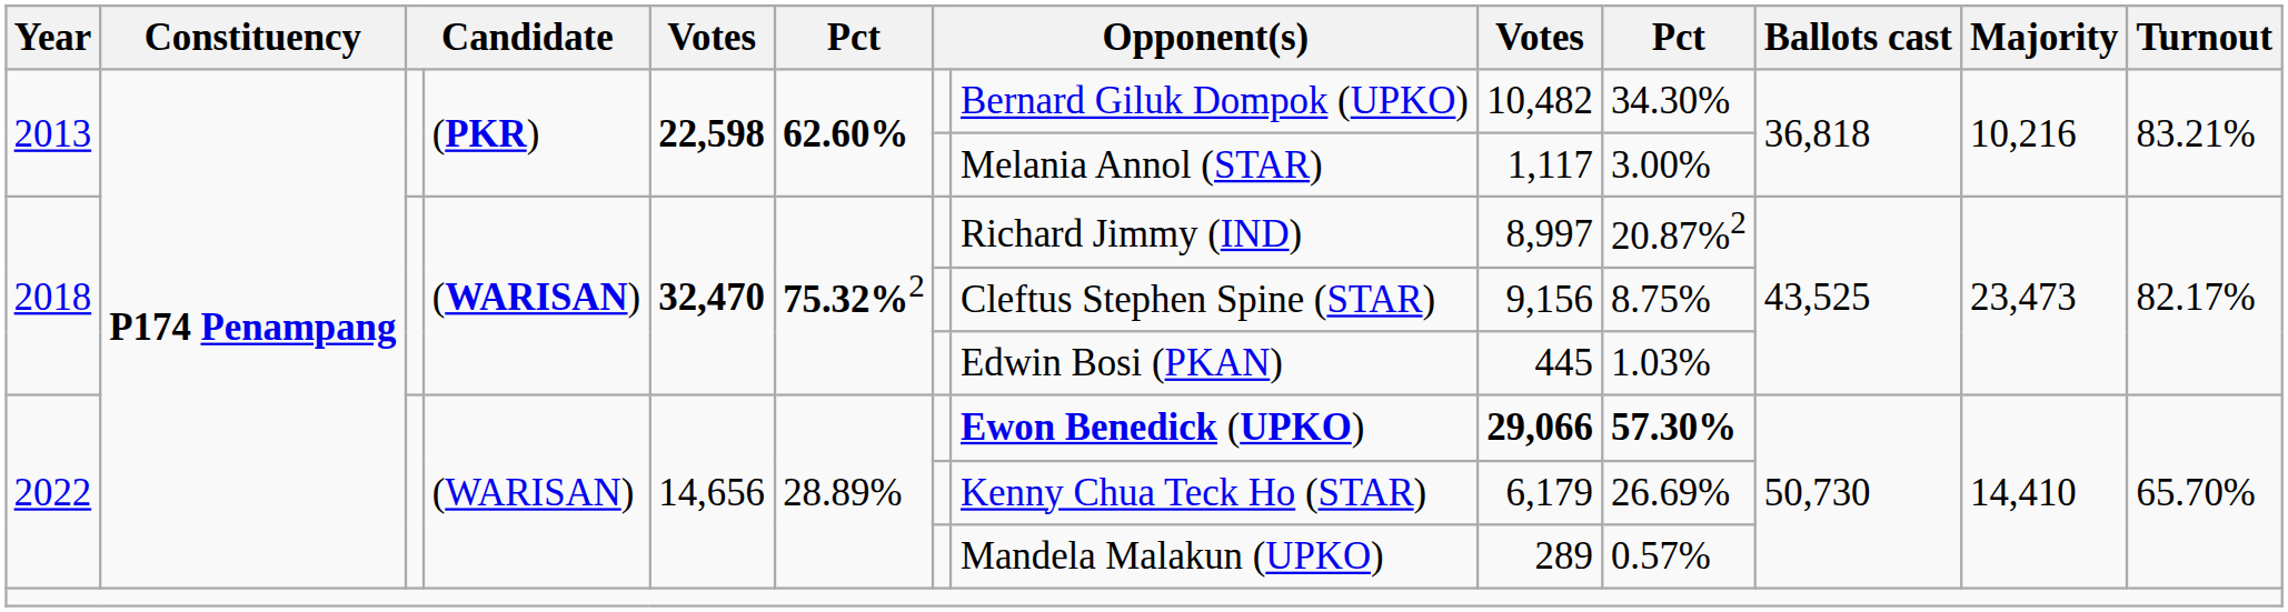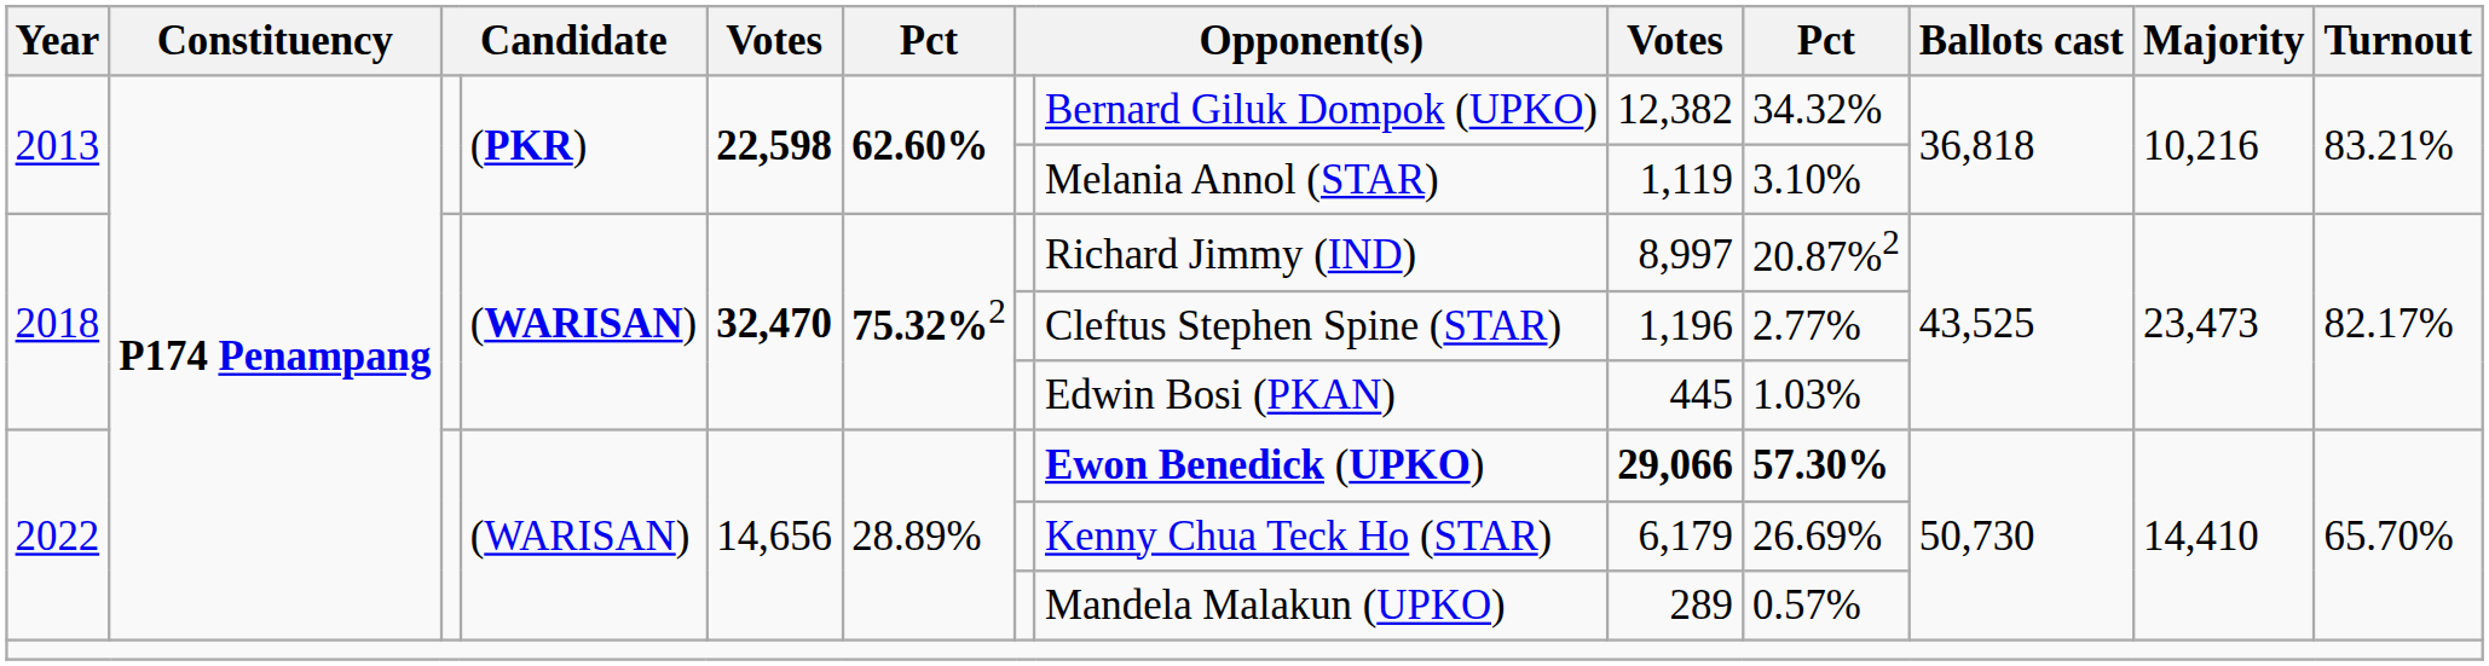 <table class="wikitable" style="margin:0.5em ; font-size:95%">
 <tr>
 <th>Year</th>
 <th>Constituency</th>
 <th colspan=2>Candidate</th>
 <th>Votes</th>
 <th>Pct</th>
 <th colspan=2>Opponent(s)</th>
 <th>Votes</th>
 <th>Pct</th>
 <th>Ballots cast</th>
 <th>Majority</th>
 <th>Turnout</th>
 </tr>
 <tr>
 <td rowspan=2><a href='#'>2013</a></td>
 <td rowspan=8><strong>P174 <a href='#'>Penampang</a></strong></td>
 <td rowspan=2 ></td>
 <td rowspan=2><strong></strong> (<a href='#'><strong>PKR</strong></a>)</td>
 <td rowspan=2 align="right"><strong>22,598</strong></td>
 <td rowspan=2><strong>62.60%</strong></td>
 <td></td>
 <td><a href='#'>Bernard Giluk Dompok</a> (<a href='#'>UPKO</a>)</td>
-<td align="right">10,482</td>
-<td>34.30%</td>
+<td align="right">12,382</td>
+<td>34.32%</td>
 <td rowspan=2>36,818</td>
 <td rowspan=2>10,216</td>
 <td rowspan=2>83.21%</td>
 </tr>
 <tr>
 <td></td>
 <td>Melania Annol (<a href='#'>STAR</a>)</td>
-<td align="right">1,117</td>
-<td>3.00%</td>
+<td align="right">1,119</td>
+<td>3.10%</td>
 </tr>
 <tr>
 <td rowspan=3><a href='#'>2018</a></td>
 <td rowspan=3 ></td>
 <td rowspan=3><strong></strong> (<a href='#'><strong>WARISAN</strong></a>)</td>
 <td rowspan=3 align="right"><strong>32,470</strong></td>
 <td rowspan=3><strong>75.32%</strong><sup>2</sup></td>
 <td></td>
 <td>Richard Jimmy (<a href='#'>IND</a>)</td>
 <td align="right">8,997</td>
 <td>20.87%<sup>2</sup></td>
 <td rowspan=3>43,525</td>
 <td rowspan=3>23,473</td>
 <td rowspan=3>82.17%</td>
 </tr>
 <tr>
 <td></td>
 <td>Cleftus Stephen Spine (<a href='#'>STAR</a>)</td>
-<td align="right">9,156</td>
-<td>8.75%</td>
+<td align="right">1,196</td>
+<td>2.77%</td>
 </tr>
 <tr>
 <td></td>
 <td>Edwin Bosi (<a href='#'>PKAN</a>)</td>
 <td align="right">445</td>
 <td>1.03%</td>
 </tr>
 <tr>
 <td rowspan=3><a href='#'>2022</a></td>
 <td rowspan=3 ></td>
 <td rowspan=3> (<a href='#'>WARISAN</a>)</td>
 <td rowspan=3 align="right">14,656</td>
 <td rowspan=3>28.89%</td>
 <td></td>
 <td><strong><a href='#'>Ewon Benedick</a></strong> (<strong><a href='#'>UPKO</a></strong>)</td>
 <td align="right"><strong>29,066</strong></td>
 <td><strong>57.30%</strong></td>
 <td rowspan=3>50,730</td>
 <td rowspan=3>14,410</td>
 <td rowspan=3>65.70%</td>
 </tr>
 <tr>
 <td></td>
 <td><a href='#'>Kenny Chua Teck Ho</a> (<a href='#'>STAR</a>)</td>
 <td align="right">6,179</td>
 <td>26.69%</td>
 </tr>
 <tr>
 <td></td>
 <td> Mandela Malakun (<a href='#'>UPKO</a>)</td>
 <td align="right">289</td>
 <td>0.57%</td>
 </tr>
 <tr>
 <td colspan="13"></td>
 </tr>
 </table>
